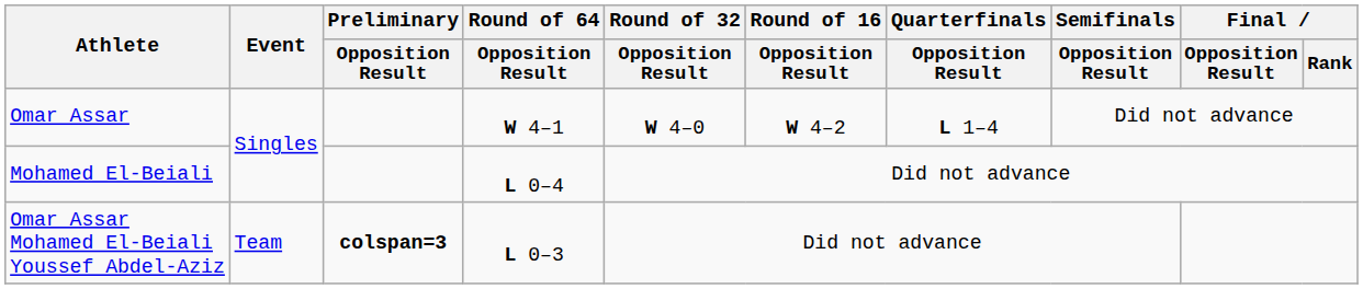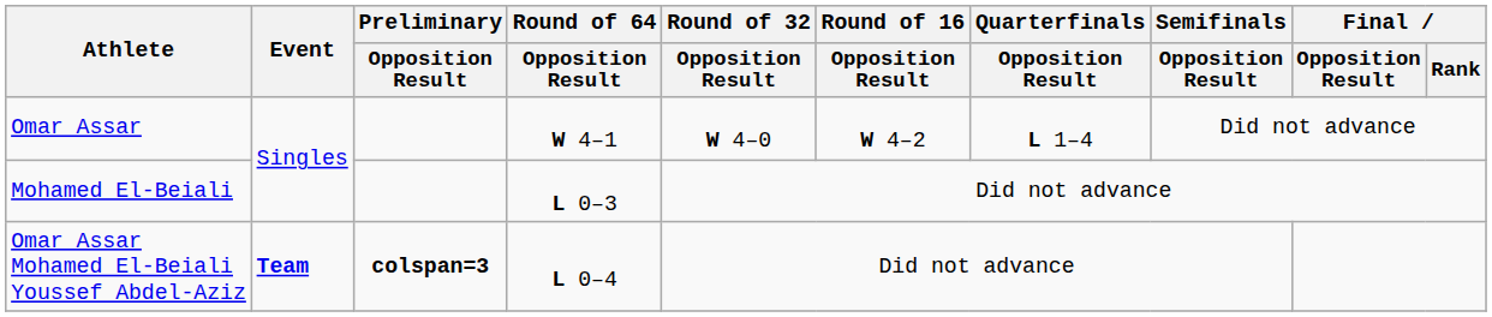 <table class=wikitable style=font-size:90%;text-align:center>
 <tr>
 <th rowspan=2>Athlete</th>
 <th rowspan=2>Event</th>
 <th>Preliminary</th>
 <th>Round of 64</th>
 <th>Round of 32</th>
 <th>Round of 16</th>
 <th>Quarterfinals</th>
 <th>Semifinals</th>
 <th colspan=2>Final / </th>
 </tr>
 <tr style=font-size:95%>
 <th>Opposition<br>Result</th>
 <th>Opposition<br>Result</th>
 <th>Opposition<br>Result</th>
 <th>Opposition<br>Result</th>
 <th>Opposition<br>Result</th>
 <th>Opposition<br>Result</th>
 <th>Opposition<br>Result</th>
 <th>Rank</th>
 </tr>
 <tr>
 <td align=left><a href='#'>Omar Assar</a></td>
 <td align=left rowspan=2><a href='#'>Singles</a></td>
 <td></td>
 <td><br> <strong>W</strong> 4–1</td>
 <td><br> <strong>W</strong> 4–0</td>
 <td><br> <strong>W</strong> 4–2</td>
 <td><br> <strong>L</strong> 1–4</td>
 <td colspan="3">Did not advance</td>
 </tr>
 <tr align=center>
 <td align=left><a href='#'>Mohamed El-Beiali</a></td>
 <td></td>
-<td><br> <strong>L</strong> 0–4</td>
+<td><br> <strong>L</strong> 0–3</td>
 <td colspan="6">Did not advance</td>
 </tr>
 <tr>
 <td align=left><a href='#'>Omar Assar</a><br><a href='#'>Mohamed El-Beiali</a><br><a href='#'>Youssef Abdel-Aziz</a></td>
-<td align=left><a href='#'>Team</a></td>
+<td align=left><strong><a href='#'>Team</a></strong></td>
 <td><strong>colspan=3 </strong></td>
-<td><br> <strong>L</strong> 0–3</td>
+<td><br> <strong>L</strong> 0–4</td>
 <td colspan="4">Did not advance</td>
 </tr>
 </table>
